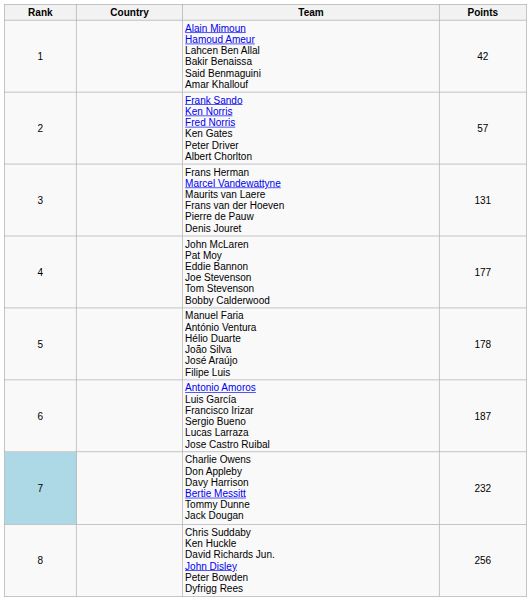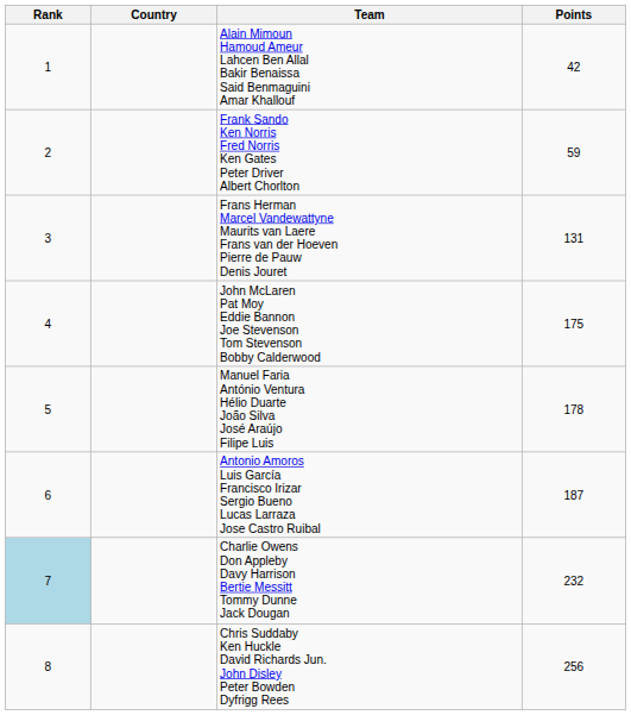 <table class="wikitable sortable" style=" text-align:center; font-size:95%;" width="50%">
 <tr>
 <th>Rank</th>
 <th>Country</th>
 <th>Team</th>
 <th>Points</th>
 </tr>
 <tr>
 <td align=center>1</td>
 <td align=left></td>
 <td align=left><a href='#'>Alain Mimoun</a><br><a href='#'>Hamoud Ameur</a><br>Lahcen Ben Allal<br>Bakir Benaissa<br>Said Benmaguini<br>Amar Khallouf</td>
 <td>42</td>
 </tr>
 <tr>
 <td align=center>2</td>
 <td align=left></td>
 <td align=left><a href='#'>Frank Sando</a><br><a href='#'>Ken Norris</a><br><a href='#'>Fred Norris</a><br>Ken Gates<br>Peter Driver<br>Albert Chorlton</td>
-<td>57</td>
+<td>59</td>
 </tr>
 <tr>
 <td align=center>3</td>
 <td align=left></td>
 <td align=left>Frans Herman<br><a href='#'>Marcel Vandewattyne</a><br>Maurits van Laere<br>Frans van der Hoeven<br>Pierre de Pauw<br>Denis Jouret</td>
 <td>131</td>
 </tr>
 <tr>
 <td align=center>4</td>
 <td align=left></td>
 <td align=left>John McLaren<br>Pat Moy<br>Eddie Bannon<br>Joe Stevenson<br>Tom Stevenson<br>Bobby Calderwood</td>
-<td>177</td>
+<td>175</td>
 </tr>
 <tr>
 <td align=center>5</td>
 <td align=left></td>
 <td align=left>Manuel Faria<br>António Ventura<br>Hélio Duarte<br>João Silva<br>José Araújo<br>Filipe Luis</td>
 <td>178</td>
 </tr>
 <tr>
 <td align=center>6</td>
 <td align=left></td>
 <td align=left><a href='#'>Antonio Amoros</a><br>Luis García<br>Francisco Irizar<br>Sergio Bueno<br>Lucas Larraza<br>Jose Castro Ruibal</td>
 <td>187</td>
 </tr>
 <tr>
 <td align=center style="background: lightblue;">7</td>
 <td align=left></td>
 <td align=left>Charlie Owens<br>Don Appleby<br>Davy Harrison<br><a href='#'>Bertie Messitt</a><br>Tommy Dunne<br>Jack Dougan</td>
 <td>232</td>
 </tr>
 <tr>
 <td align=center>8</td>
 <td align=left></td>
 <td align=left>Chris Suddaby<br>Ken Huckle<br>David Richards Jun.<br><a href='#'>John Disley</a><br>Peter Bowden<br>Dyfrigg Rees</td>
 <td>256</td>
 </tr>
 </table>
